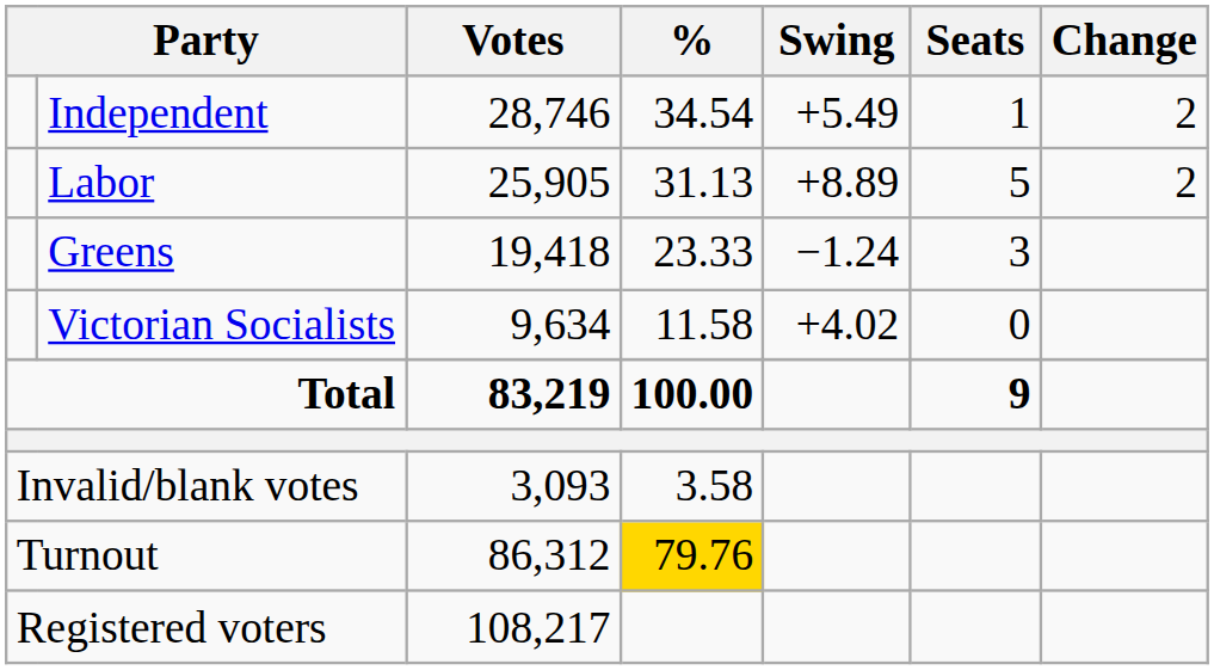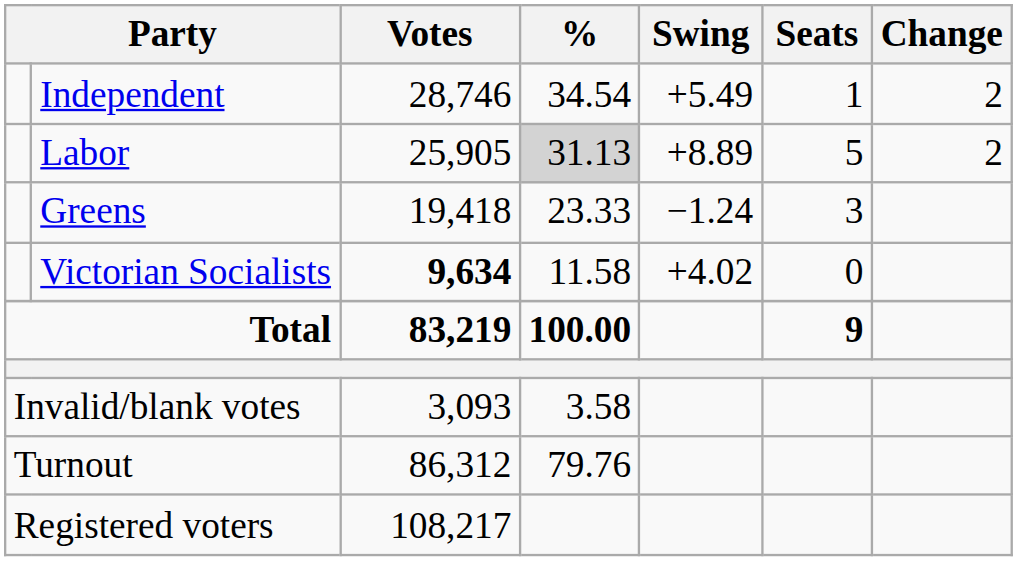 <table class="wikitable" style="text-align:right; margin-bottom:0">
 <tr>
 <th colspan="3" style="width:10px">Party</th>
 <th style="width:70px;">Votes</th>
 <th style="width:40px;">%</th>
 <th style="width:40px;">Swing</th>
 <th style="width:40px;">Seats</th>
 <th style="width:40px;">Change</th>
 </tr>
 <tr>
 <td> </td>
 <td colspan="2" style="text-align:left;"><a href='#'>Independent</a></td>
 <td style="width:70px;">28,746</td>
 <td style="width:40px;">34.54</td>
 <td style="width:45px;">+5.49</td>
 <td style="width:40px;">1</td>
 <td style="width:40px;"> 2</td>
 </tr>
 <tr>
 <td> </td>
 <td colspan="2" style="text-align:left;"><a href='#'>Labor</a></td>
 <td>25,905</td>
-<td>31.13</td>
+<td style="background: lightgrey;">31.13</td>
 <td>+8.89</td>
 <td>5</td>
 <td> 2</td>
 </tr>
 <tr>
 <td> </td>
 <td colspan="2" style="text-align:left;"><a href='#'>Greens</a></td>
 <td>19,418</td>
 <td>23.33</td>
 <td>−1.24</td>
 <td>3</td>
 <td></td>
 </tr>
 <tr>
 <td> </td>
 <td colspan="2" style="text-align:left;"><a href='#'>Victorian Socialists</a></td>
-<td>9,634</td>
+<td><strong>9,634</strong></td>
 <td>11.58</td>
 <td>+4.02</td>
 <td>0</td>
 <td></td>
 </tr>
 <tr>
 </tr>
 <tr>
 <td colspan="3" align="right"><strong>Total</strong></td>
 <td><strong>83,219</strong></td>
 <td><strong>100.00</strong></td>
 <td></td>
 <td><strong>9</strong></td>
 <td></td>
 </tr>
 <tr>
 <th colspan="8"></th>
 </tr>
 <tr>
 <td colspan="3" style="text-align:left;">Invalid/blank votes</td>
 <td>3,093</td>
 <td>3.58</td>
 <td></td>
 <td></td>
 <td></td>
 </tr>
 <tr>
 <td colspan="3" style="text-align:left;">Turnout</td>
 <td>86,312</td>
-<td style="background: gold;">79.76</td>
+<td>79.76</td>
 <td></td>
 <td></td>
 <td></td>
 </tr>
 <tr>
 <td colspan="3" style="text-align:left;">Registered voters</td>
 <td>108,217</td>
 <td></td>
 <td></td>
 <td></td>
 <td></td>
 </tr>
 </table>
